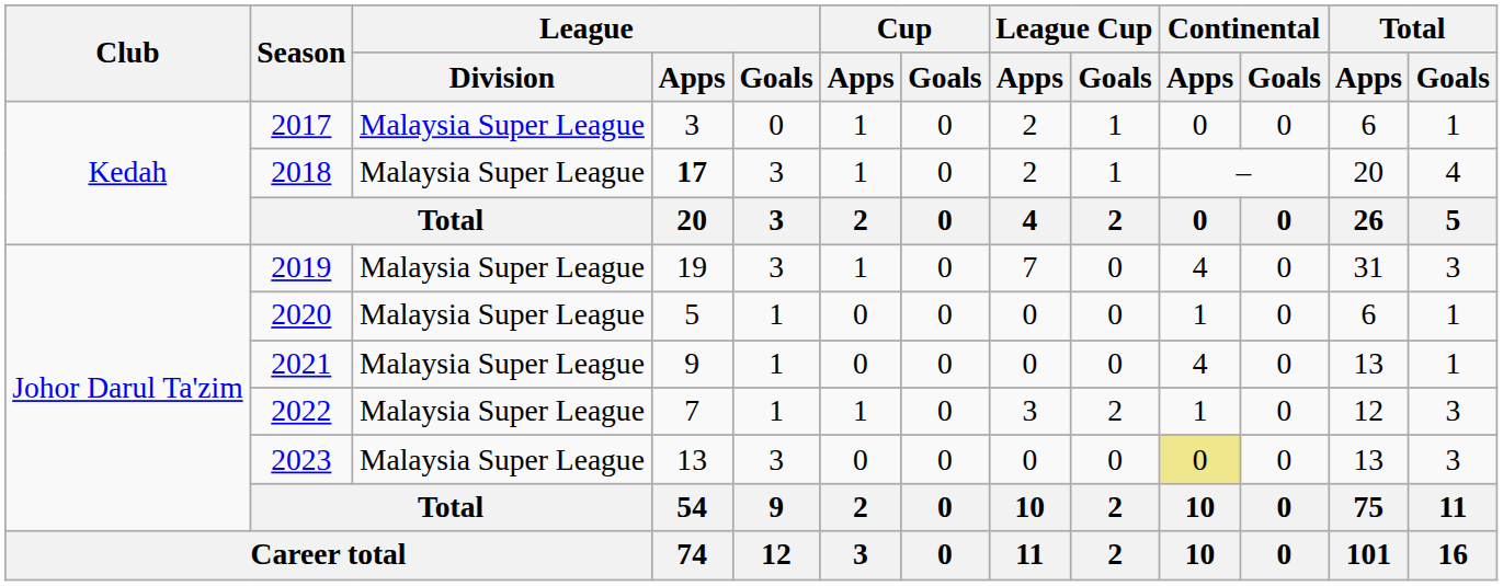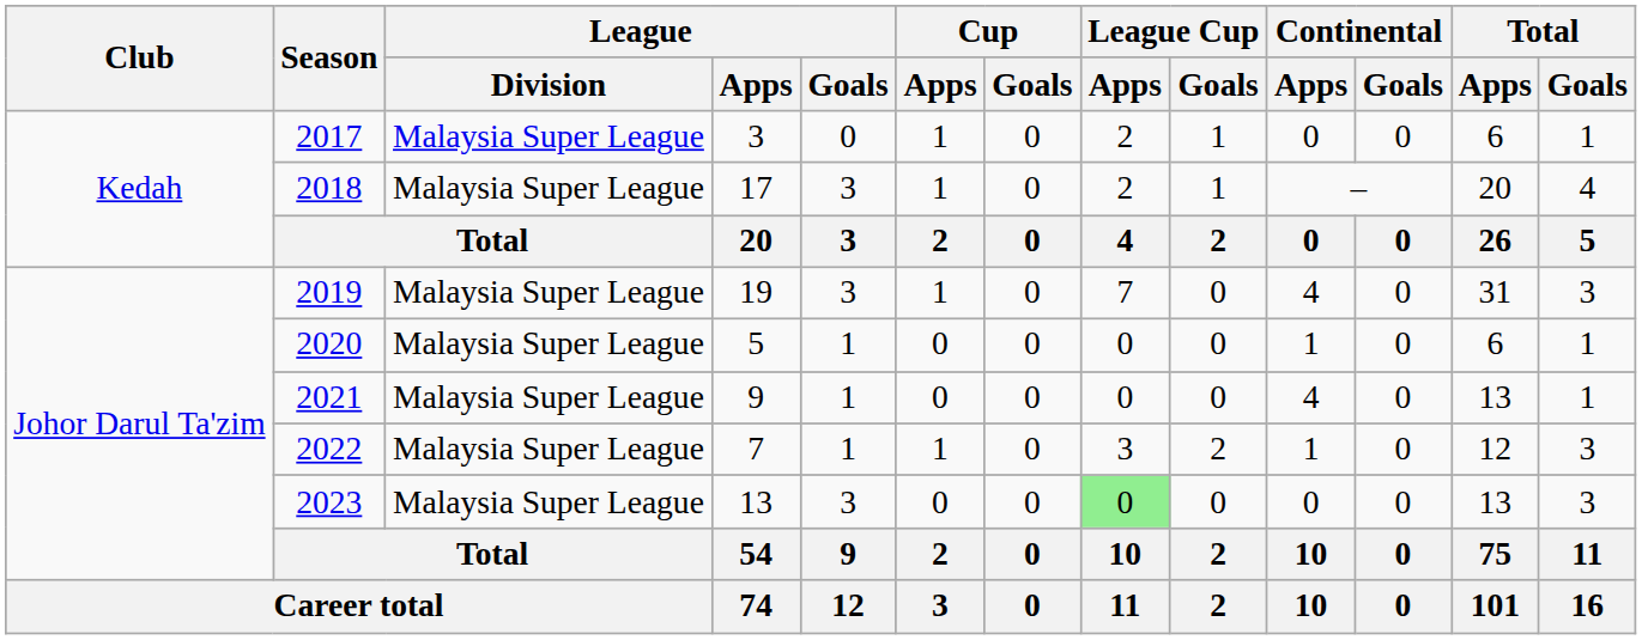 <table class=wikitable style="text-align: center">
 <tr>
 <th rowspan=2>Club</th>
 <th rowspan=2>Season</th>
 <th colspan=3>League</th>
 <th colspan=2>Cup</th>
 <th colspan=2>League Cup</th>
 <th colspan=2>Continental</th>
 <th colspan=2>Total</th>
 </tr>
 <tr>
 <th>Division</th>
 <th>Apps</th>
 <th>Goals</th>
 <th>Apps</th>
 <th>Goals</th>
 <th>Apps</th>
 <th>Goals</th>
 <th>Apps</th>
 <th>Goals</th>
 <th>Apps</th>
 <th>Goals</th>
 </tr>
 <tr>
 <td rowspan="3"><a href='#'>Kedah</a></td>
 <td><a href='#'>2017</a></td>
 <td><a href='#'>Malaysia Super League</a></td>
 <td>3</td>
 <td>0</td>
 <td>1</td>
 <td>0</td>
 <td>2</td>
 <td>1</td>
 <td>0</td>
 <td>0</td>
 <td>6</td>
 <td>1</td>
 </tr>
 <tr>
 <td><a href='#'>2018</a></td>
 <td>Malaysia Super League</td>
-<td><strong>17</strong></td>
+<td>17</td>
 <td>3</td>
 <td>1</td>
 <td>0</td>
 <td>2</td>
 <td>1</td>
 <td colspan="2">–</td>
 <td>20</td>
 <td>4</td>
 </tr>
 <tr>
 <th colspan=2>Total</th>
 <th>20</th>
 <th>3</th>
 <th>2</th>
 <th>0</th>
 <th>4</th>
 <th>2</th>
 <th>0</th>
 <th>0</th>
 <th>26</th>
 <th>5</th>
 </tr>
 <tr>
 <td rowspan="6"><a href='#'>Johor Darul Ta'zim</a></td>
 <td><a href='#'>2019</a></td>
 <td>Malaysia Super League</td>
 <td>19</td>
 <td>3</td>
 <td>1</td>
 <td>0</td>
 <td>7</td>
 <td>0</td>
 <td>4</td>
 <td>0</td>
 <td>31</td>
 <td>3</td>
 </tr>
 <tr>
 <td><a href='#'>2020</a></td>
 <td>Malaysia Super League</td>
 <td>5</td>
 <td>1</td>
 <td>0</td>
 <td>0</td>
 <td>0</td>
 <td>0</td>
 <td>1</td>
 <td>0</td>
 <td>6</td>
 <td>1</td>
 </tr>
 <tr>
 <td><a href='#'>2021</a></td>
 <td>Malaysia Super League</td>
 <td>9</td>
 <td>1</td>
 <td>0</td>
 <td>0</td>
 <td>0</td>
 <td>0</td>
 <td>4</td>
 <td>0</td>
 <td>13</td>
 <td>1</td>
 </tr>
 <tr>
 <td><a href='#'>2022</a></td>
 <td>Malaysia Super League</td>
 <td>7</td>
 <td>1</td>
 <td>1</td>
 <td>0</td>
 <td>3</td>
 <td>2</td>
 <td>1</td>
 <td>0</td>
 <td>12</td>
 <td>3</td>
 </tr>
 <tr>
 <td><a href='#'>2023</a></td>
 <td>Malaysia Super League</td>
 <td>13</td>
 <td>3</td>
 <td>0</td>
 <td>0</td>
+<td style="background: lightgreen;">0</td>
 <td>0</td>
 <td>0</td>
-<td style="background: khaki;">0</td>
 <td>0</td>
 <td>13</td>
 <td>3</td>
 </tr>
 <tr>
 <th colspan=2>Total</th>
 <th>54</th>
 <th>9</th>
 <th>2</th>
 <th>0</th>
 <th>10</th>
 <th>2</th>
 <th>10</th>
 <th>0</th>
 <th>75</th>
 <th>11</th>
 </tr>
 <tr>
 <th colspan=3>Career total</th>
 <th>74</th>
 <th>12</th>
 <th>3</th>
 <th>0</th>
 <th>11</th>
 <th>2</th>
 <th>10</th>
 <th>0</th>
 <th>101</th>
 <th>16</th>
 </tr>
 </table>
